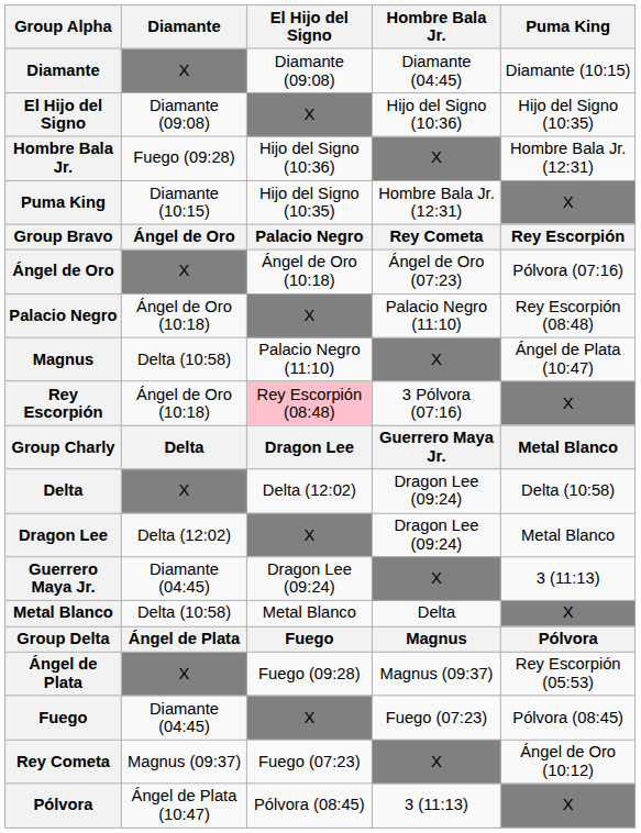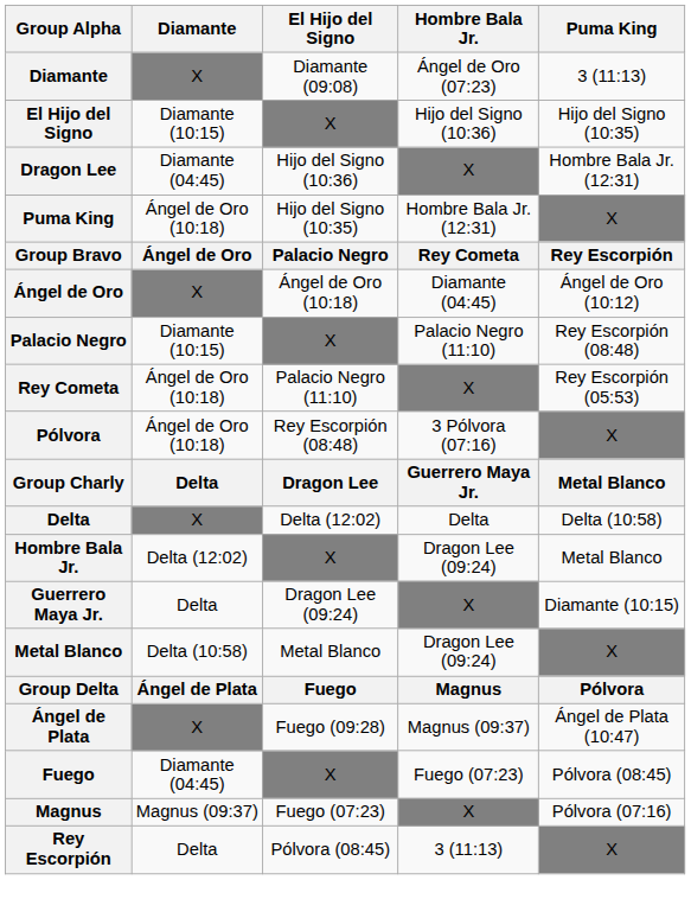 <table class="wikitable" style="margin:1em auto; text-align:center;">
 <tr>
 <th>Group Alpha</th>
 <th>Diamante</th>
 <th>El Hijo del Signo</th>
 <th>Hombre Bala Jr.</th>
 <th>Puma King</th>
 </tr>
 <tr>
 <th>Diamante</th>
 <td bgcolor=grey>X</td>
 <td>Diamante (09:08)</td>
-<td>Diamante (04:45)</td>
-<td>Diamante (10:15)</td>
+<td>Ángel de Oro (07:23)</td>
+<td>3 (11:13)</td>
 </tr>
 <tr>
 <th>El Hijo del Signo</th>
-<td>Diamante (09:08)</td>
+<td>Diamante (10:15)</td>
 <td bgcolor=grey>X</td>
 <td>Hijo del Signo (10:36)</td>
 <td>Hijo del Signo (10:35)</td>
 </tr>
 <tr>
-<th>Hombre Bala Jr.</th>
-<td>Fuego (09:28)</td>
+<th>Dragon Lee</th>
+<td>Diamante (04:45)</td>
 <td>Hijo del Signo (10:36)</td>
 <td bgcolor=grey>X</td>
 <td>Hombre Bala Jr. (12:31)</td>
 </tr>
 <tr>
 <th>Puma King</th>
-<td>Diamante (10:15)</td>
+<td>Ángel de Oro (10:18)</td>
 <td>Hijo del Signo (10:35)</td>
 <td>Hombre Bala Jr. (12:31)</td>
 <td bgcolor=grey>X</td>
 </tr>
 <tr>
 <th>Group Bravo</th>
 <th>Ángel de Oro</th>
 <th>Palacio Negro</th>
 <th>Rey Cometa</th>
 <th>Rey Escorpión</th>
 </tr>
 <tr>
 <th>Ángel de Oro</th>
 <td bgcolor=grey>X</td>
 <td>Ángel de Oro (10:18)</td>
-<td>Ángel de Oro (07:23)</td>
-<td>Pólvora (07:16)</td>
+<td>Diamante (04:45)</td>
+<td>Ángel de Oro (10:12)</td>
 </tr>
 <tr>
 <th>Palacio Negro</th>
-<td>Ángel de Oro (10:18)</td>
+<td>Diamante (10:15)</td>
 <td bgcolor=grey>X</td>
 <td>Palacio Negro (11:10)</td>
 <td>Rey Escorpión (08:48)</td>
 </tr>
 <tr>
-<th>Magnus</th>
-<td>Delta (10:58)</td>
+<th>Rey Cometa</th>
+<td>Ángel de Oro (10:18)</td>
 <td>Palacio Negro (11:10)</td>
 <td bgcolor=grey>X</td>
-<td>Ángel de Plata (10:47)</td>
+<td>Rey Escorpión (05:53)</td>
 </tr>
 <tr>
-<th>Rey Escorpión</th>
+<th>Pólvora</th>
 <td>Ángel de Oro (10:18)</td>
-<td style="background: pink;">Rey Escorpión (08:48)</td>
+<td>Rey Escorpión (08:48)</td>
 <td>3 Pólvora (07:16)</td>
 <td bgcolor=grey>X</td>
 </tr>
 <tr>
 <th>Group Charly</th>
 <th>Delta</th>
 <th>Dragon Lee</th>
 <th>Guerrero Maya Jr.</th>
 <th>Metal Blanco</th>
 </tr>
 <tr>
 <th>Delta</th>
 <td bgcolor=grey>X</td>
 <td>Delta (12:02)</td>
-<td>Dragon Lee (09:24)</td>
+<td>Delta</td>
 <td>Delta (10:58)</td>
 </tr>
 <tr>
-<th>Dragon Lee</th>
+<th>Hombre Bala Jr.</th>
 <td>Delta (12:02)</td>
 <td bgcolor=grey>X</td>
 <td>Dragon Lee (09:24)</td>
 <td>Metal Blanco</td>
 </tr>
 <tr>
 <th>Guerrero Maya Jr.</th>
-<td>Diamante (04:45)</td>
+<td>Delta</td>
 <td>Dragon Lee (09:24)</td>
 <td bgcolor=grey>X</td>
-<td>3 (11:13)</td>
+<td>Diamante (10:15)</td>
 </tr>
 <tr>
 <th>Metal Blanco</th>
 <td>Delta (10:58)</td>
 <td>Metal Blanco</td>
-<td>Delta</td>
+<td>Dragon Lee (09:24)</td>
 <td bgcolor=grey>X</td>
 </tr>
 <tr>
 <th>Group Delta</th>
 <th>Ángel de Plata</th>
 <th>Fuego</th>
 <th>Magnus</th>
 <th>Pólvora</th>
 </tr>
 <tr>
 <th>Ángel de Plata</th>
 <td bgcolor=grey>X</td>
 <td>Fuego (09:28)</td>
 <td>Magnus (09:37)</td>
-<td>Rey Escorpión (05:53)</td>
+<td>Ángel de Plata (10:47)</td>
 </tr>
 <tr>
 <th>Fuego</th>
 <td>Diamante (04:45)</td>
 <td bgcolor=grey>X</td>
 <td>Fuego (07:23)</td>
 <td>Pólvora (08:45)</td>
 </tr>
 <tr>
-<th>Rey Cometa</th>
+<th>Magnus</th>
 <td>Magnus (09:37)</td>
 <td>Fuego (07:23)</td>
 <td bgcolor=grey>X</td>
-<td>Ángel de Oro (10:12)</td>
+<td>Pólvora (07:16)</td>
 </tr>
 <tr>
-<th>Pólvora</th>
-<td>Ángel de Plata (10:47)</td>
+<th>Rey Escorpión</th>
+<td>Delta</td>
 <td>Pólvora (08:45)</td>
 <td>3 (11:13)</td>
 <td bgcolor=grey>X</td>
 </tr>
 </table>
